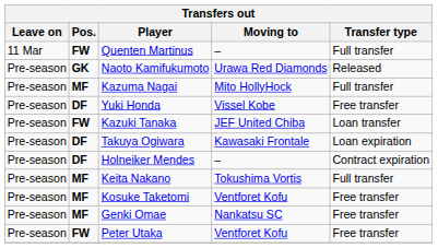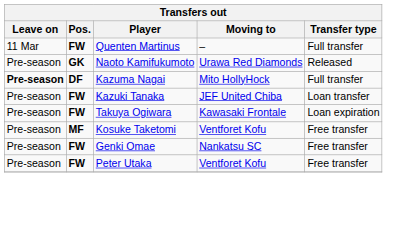 <table class="wikitable sortable" style=“text-align:left;>
 <tr>
 <th colspan="5">Transfers out</th>
 </tr>
 <tr>
 <th>Leave on</th>
 <th>Pos.</th>
 <th>Player</th>
 <th>Moving to</th>
 <th>Transfer type</th>
 </tr>
 <tr>
 <td>11 Mar</td>
 <td><strong>FW</strong></td>
 <td> <a href='#'>Quenten Martinus</a></td>
 <td>–</td>
 <td>Full transfer</td>
 </tr>
 <tr>
 <td>Pre-season</td>
 <td><strong>GK</strong></td>
 <td> <a href='#'>Naoto Kamifukumoto</a></td>
 <td> <a href='#'>Urawa Red Diamonds</a></td>
 <td>Released</td>
 </tr>
 <tr>
-<td>Pre-season</td>
-<td><strong>MF</strong></td>
+<td><strong>Pre-season</strong></td>
+<td><strong>DF</strong></td>
 <td> <a href='#'>Kazuma Nagai</a></td>
 <td> <a href='#'>Mito HollyHock</a></td>
 <td>Full transfer</td>
-</tr>
-<tr>
-<td>Pre-season</td>
-<td><strong>DF</strong></td>
-<td> <a href='#'>Yuki Honda</a></td>
-<td> <a href='#'>Vissel Kobe</a></td>
-<td>Free transfer</td>
 </tr>
 <tr>
 <td>Pre-season</td>
 <td><strong>FW</strong></td>
 <td> <a href='#'>Kazuki Tanaka</a></td>
 <td> <a href='#'>JEF United Chiba</a></td>
 <td>Loan transfer</td>
 </tr>
 <tr>
 <td>Pre-season</td>
-<td><strong>DF</strong></td>
+<td><strong>FW</strong></td>
 <td> <a href='#'>Takuya Ogiwara</a></td>
 <td> <a href='#'>Kawasaki Frontale</a></td>
 <td>Loan expiration</td>
-</tr>
-<tr>
-<td>Pre-season</td>
-<td><strong>DF</strong></td>
-<td> <a href='#'>Holneiker Mendes</a></td>
-<td>–</td>
-<td>Contract expiration</td>
-</tr>
-<tr>
-<td>Pre-season</td>
-<td><strong>MF</strong></td>
-<td> <a href='#'>Keita Nakano</a></td>
-<td> <a href='#'>Tokushima Vortis</a></td>
-<td>Full transfer</td>
 </tr>
 <tr>
 <td>Pre-season</td>
 <td><strong>MF</strong></td>
 <td> <a href='#'>Kosuke Taketomi</a></td>
 <td> <a href='#'>Ventforet Kofu</a></td>
 <td>Free transfer</td>
 </tr>
 <tr>
 <td>Pre-season</td>
-<td><strong>MF</strong></td>
+<td><strong>FW</strong></td>
 <td> <a href='#'>Genki Omae</a></td>
 <td> <a href='#'>Nankatsu SC</a></td>
 <td>Free transfer</td>
 </tr>
 <tr>
 <td>Pre-season</td>
 <td><strong>FW</strong></td>
 <td> <a href='#'>Peter Utaka</a></td>
 <td> <a href='#'>Ventforet Kofu</a></td>
 <td>Free transfer</td>
 </tr>
 <tr>
 </tr>
 </table>
